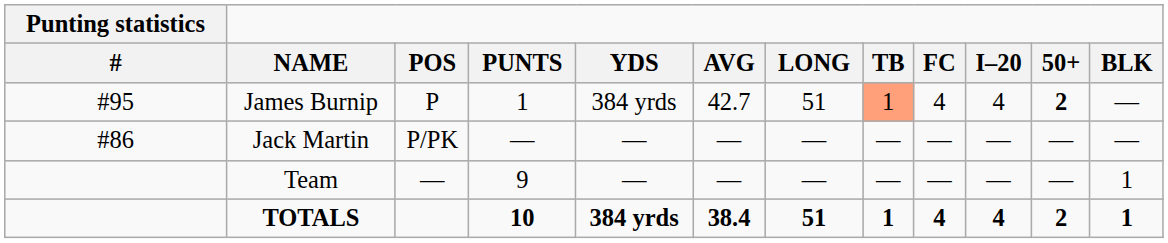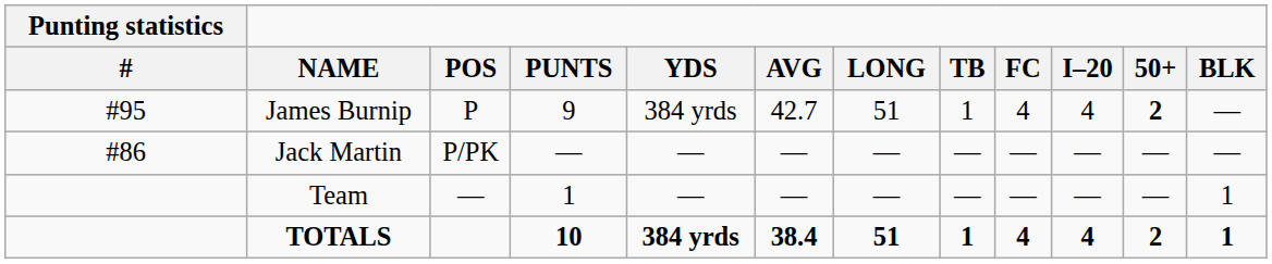 <table style="width:60%; text-align:center;" class="wikitable collapsible collapsed">
 <tr>
 <th style="text-align:center; ">Punting statistics</th>
 </tr>
 <tr>
 <th>#</th>
 <th>NAME</th>
 <th>POS</th>
 <th>PUNTS</th>
 <th>YDS</th>
 <th>AVG</th>
 <th>LONG</th>
 <th>TB</th>
 <th>FC</th>
 <th>I–20</th>
 <th>50+</th>
 <th>BLK</th>
 </tr>
 <tr>
 <td>#95</td>
 <td>James Burnip</td>
 <td>P</td>
-<td>1</td>
+<td>9</td>
 <td>384 yrds</td>
 <td>42.7</td>
 <td>51</td>
-<td style="background: lightsalmon;">1</td>
+<td>1</td>
 <td>4</td>
 <td>4</td>
 <td><strong>2</strong></td>
 <td>—</td>
 </tr>
 <tr>
 <td>#86</td>
 <td>Jack Martin</td>
 <td>P/PK</td>
 <td>—</td>
 <td>—</td>
 <td>—</td>
 <td>—</td>
 <td>—</td>
 <td>—</td>
 <td>—</td>
 <td>—</td>
 <td>—</td>
 </tr>
 <tr>
 <td></td>
 <td>Team</td>
 <td>—</td>
-<td>9</td>
+<td>1</td>
 <td>—</td>
 <td>—</td>
 <td>—</td>
 <td>—</td>
 <td>—</td>
 <td>—</td>
 <td>—</td>
 <td>1</td>
 </tr>
 <tr>
 <td></td>
 <td><strong>TOTALS</strong></td>
 <td></td>
 <td><strong>10</strong></td>
 <td><strong>384 yrds</strong></td>
 <td><strong>38.4</strong></td>
 <td><strong>51</strong></td>
 <td><strong>1</strong></td>
 <td><strong>4</strong></td>
 <td><strong>4</strong></td>
 <td><strong>2</strong></td>
 <td><strong>1</strong></td>
 </tr>
 </table>
